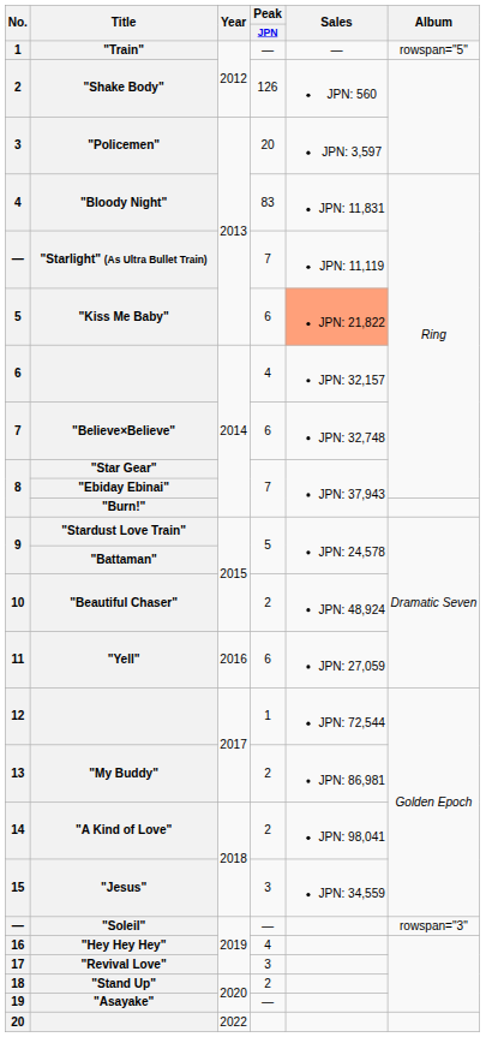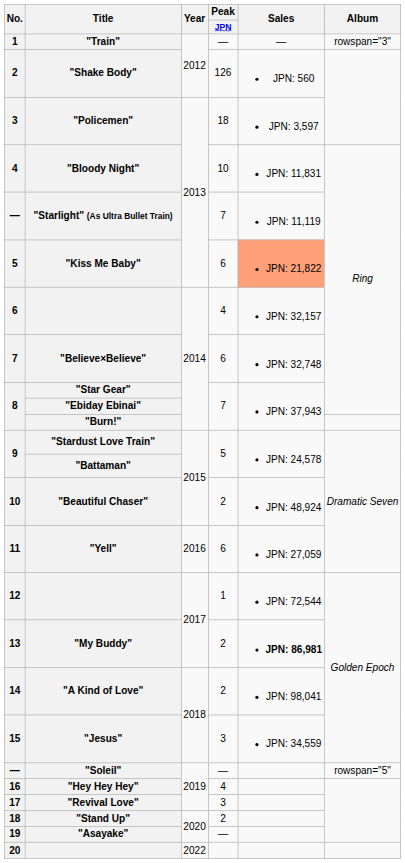 <table class="wikitable plainrowheaders" style="text-align:center;">
 <tr>
 <th rowspan="2">No.</th>
 <th rowspan="2" scope="colw" style="width:15em;">Title</th>
 <th rowspan="2" scope="col">Year</th>
 <th scope="col">Peak</th>
 <th rowspan="2" scope="col">Sales</th>
 <th rowspan="2" scope="col">Album</th>
 </tr>
 <tr>
 <th scope="col" style="width:3em;font-size:85%;"><a href='#'>JPN</a></th>
 </tr>
 <tr>
 <th>1</th>
 <th scope="row">"Train"</th>
 <td rowspan="2">2012</td>
 <td>—</td>
 <td>—</td>
-<td>rowspan="5" </td>
+<td>rowspan="3" </td>
 </tr>
 <tr>
 <th>2</th>
 <th scope="row">"Shake Body"</th>
 <td>126</td>
 <td><br><ul><li>JPN: 560</li></ul></td>
 </tr>
 <tr>
 <th>3</th>
 <th scope="row">"Policemen"</th>
 <td rowspan="4">2013</td>
-<td>20</td>
+<td>18</td>
 <td><br><ul><li>JPN: 3,597</li></ul></td>
 </tr>
 <tr>
 <th>4</th>
 <th scope="row">"Bloody Night"</th>
-<td>83</td>
+<td>10</td>
 <td><br><ul><li>JPN: 11,831</li></ul></td>
 <td rowspan="7"><em>Ring</em></td>
 </tr>
 <tr>
 <th>—</th>
 <th scope="row">"Starlight" <small>(As Ultra Bullet Train)</small></th>
 <td>7</td>
 <td><br><ul><li>JPN: 11,119</li></ul></td>
 </tr>
 <tr>
 <th>5</th>
 <th scope="row">"Kiss Me Baby"</th>
 <td>6</td>
 <td style="background: lightsalmon;"><br><ul><li>JPN: 21,822</li></ul></td>
 </tr>
 <tr>
 <th>6</th>
 <th scope="row"></th>
 <td rowspan="5">2014</td>
 <td>4</td>
 <td><br><ul><li>JPN: 32,157</li></ul></td>
 </tr>
 <tr>
 <th>7</th>
 <th scope="row">"Believe×Believe"</th>
 <td>6</td>
 <td><br><ul><li>JPN: 32,748</li></ul></td>
 </tr>
 <tr>
 <th rowspan="3">8</th>
 <th scope="row">"Star Gear"</th>
 <td rowspan="3">7</td>
 <td rowspan="3"><br><ul><li>JPN: 37,943</li></ul></td>
 </tr>
 <tr>
 <th scope="row">"Ebiday Ebinai"</th>
 </tr>
 <tr>
 <th scope="row">"Burn!"</th>
 <td></td>
 </tr>
 <tr>
 <th rowspan="2">9</th>
 <th scope="row">"Stardust Love Train"</th>
 <td rowspan="3">2015</td>
 <td rowspan="2">5</td>
 <td rowspan="2"><br><ul><li>JPN: 24,578</li></ul></td>
 <td rowspan="4"><em>Dramatic Seven</em></td>
 </tr>
 <tr>
 <th scope="row">"Battaman"</th>
 </tr>
 <tr>
 <th>10</th>
 <th scope="row">"Beautiful Chaser"</th>
 <td>2</td>
 <td><br><ul><li>JPN: 48,924</li></ul></td>
 </tr>
 <tr>
 <th>11</th>
 <th scope="row">"Yell"</th>
 <td>2016</td>
 <td>6</td>
 <td><br><ul><li>JPN: 27,059</li></ul></td>
 </tr>
 <tr>
 <th>12</th>
 <th scope="row"></th>
 <td rowspan="2">2017</td>
 <td>1</td>
 <td><br><ul><li>JPN: 72,544</li></ul></td>
 <td rowspan="4"><em>Golden Epoch</em></td>
 </tr>
 <tr>
 <th>13</th>
 <th scope="row">"My Buddy"</th>
 <td>2</td>
-<td><br><ul><li>JPN: 86,981</li></ul></td>
+<td><strong><br><ul><li>JPN: 86,981</li></ul></strong></td>
 </tr>
 <tr>
 <th>14</th>
 <th scope="row">"A Kind of Love"</th>
 <td rowspan="2">2018</td>
 <td>2</td>
 <td><br><ul><li>JPN: 98,041</li></ul></td>
 </tr>
 <tr>
 <th>15</th>
 <th scope="row">"Jesus"</th>
 <td>3</td>
 <td><br><ul><li>JPN: 34,559</li></ul></td>
 </tr>
 <tr>
 <th>—</th>
 <th scope="row">"Soleil"</th>
 <td rowspan="3">2019</td>
 <td>—</td>
 <td></td>
-<td>rowspan="3" </td>
+<td>rowspan="5" </td>
 </tr>
 <tr>
 <th>16</th>
 <th scope="row">"Hey Hey Hey"</th>
 <td>4</td>
 <td></td>
 </tr>
 <tr>
 <th>17</th>
 <th scope="row">"Revival Love"</th>
 <td>3</td>
 <td></td>
 </tr>
 <tr>
 <th>18</th>
 <th scope="row">"Stand Up"</th>
 <td rowspan="2">2020</td>
 <td>2</td>
 <td></td>
 </tr>
 <tr>
 <th>19</th>
 <th scope="row">"Asayake"</th>
 <td>—</td>
 <td></td>
 </tr>
 <tr>
 <th>20</th>
 <th scope="row"></th>
 <td>2022</td>
 <td></td>
 <td></td>
 <td></td>
 </tr>
 </table>
